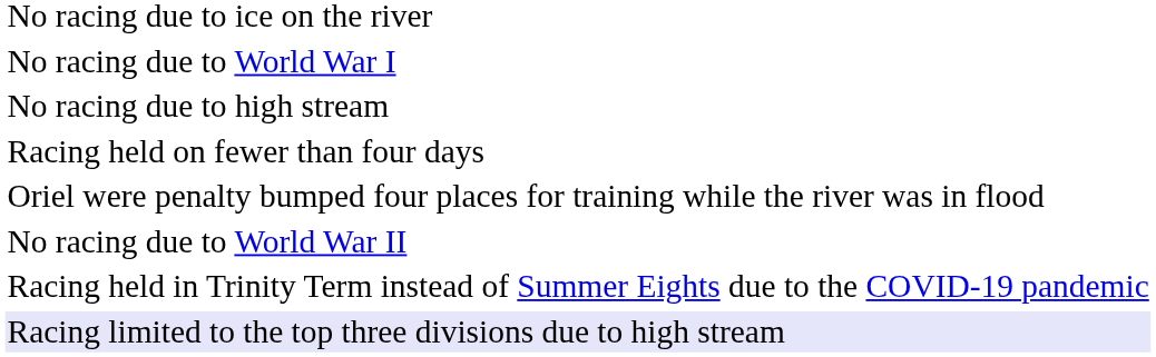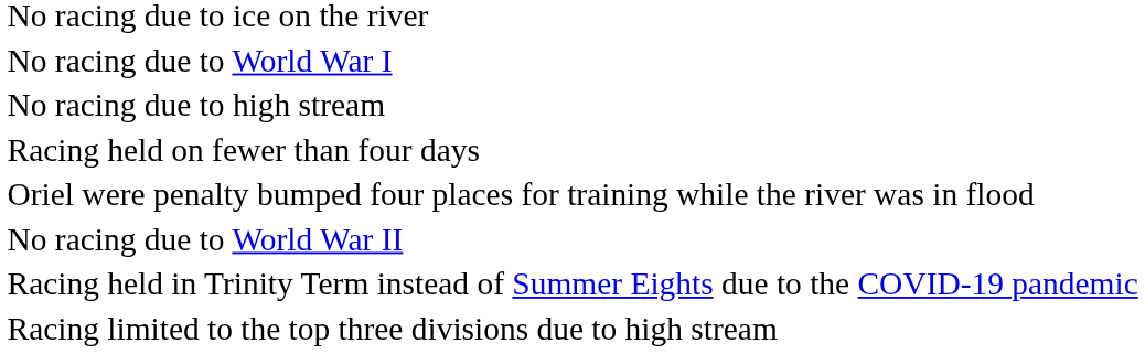 <table>
 <tr>
 <td> No racing due to ice on the river</td>
 </tr>
 <tr>
 <td> No racing due to <a href='#'>World War I</a></td>
 </tr>
 <tr>
 <td> No racing due to high stream</td>
 </tr>
 <tr>
 <td> Racing held on fewer than four days</td>
 </tr>
 <tr>
 <td> Oriel were penalty bumped four places for training while the river was in flood</td>
 </tr>
 <tr>
 <td> No racing due to <a href='#'>World War II</a></td>
 </tr>
 <tr>
 <td> Racing held in Trinity Term instead of <a href='#'>Summer Eights</a> due to the <a href='#'>COVID-19 pandemic</a></td>
 </tr>
 <tr>
-<td style="background: lavender;"> Racing limited to the top three divisions due to high stream</td>
+<td> Racing limited to the top three divisions due to high stream</td>
 </tr>
 </table>
